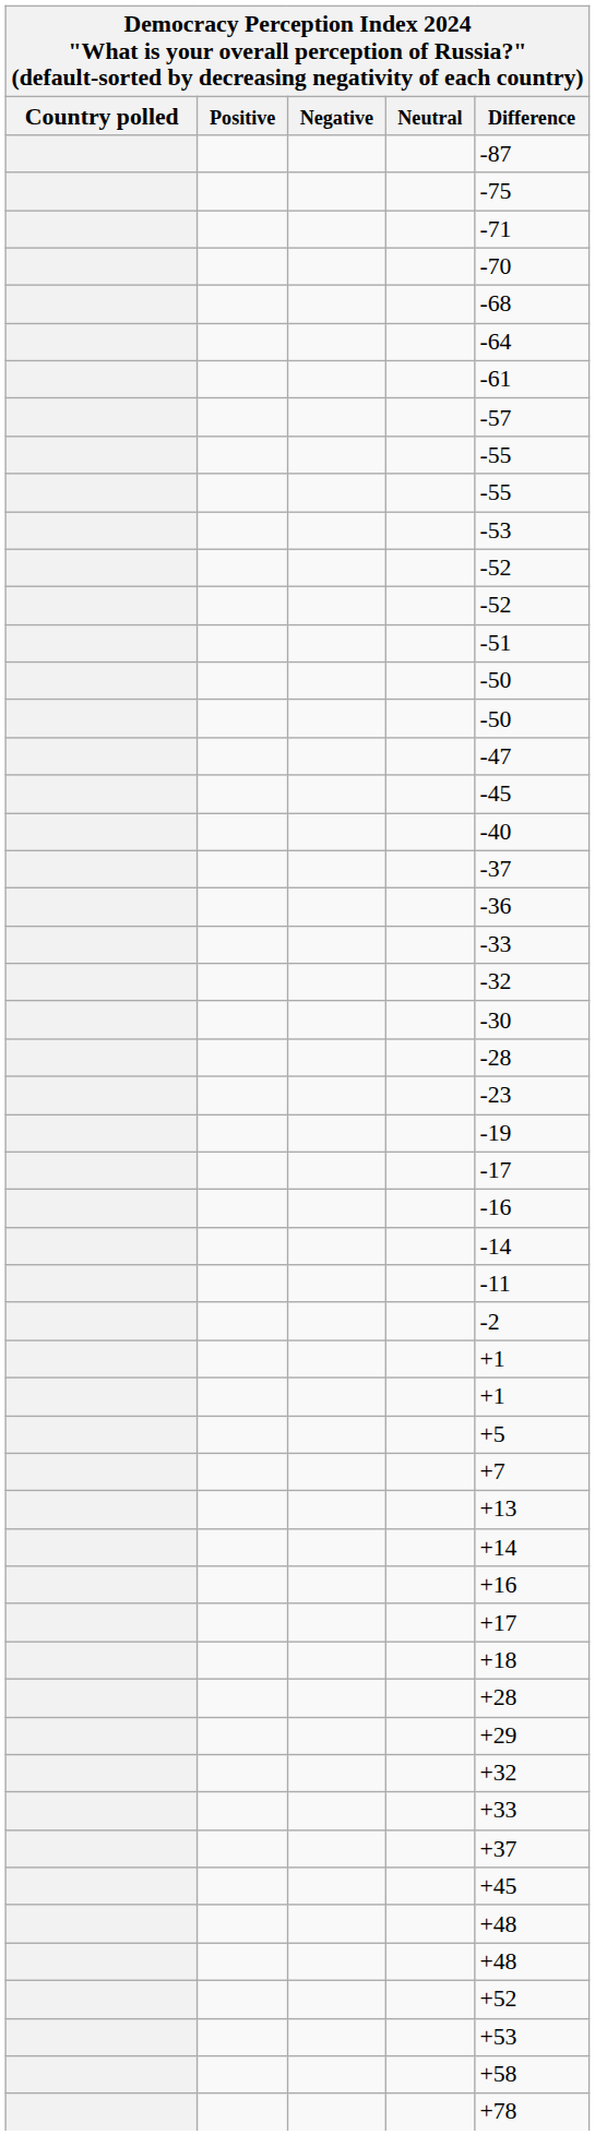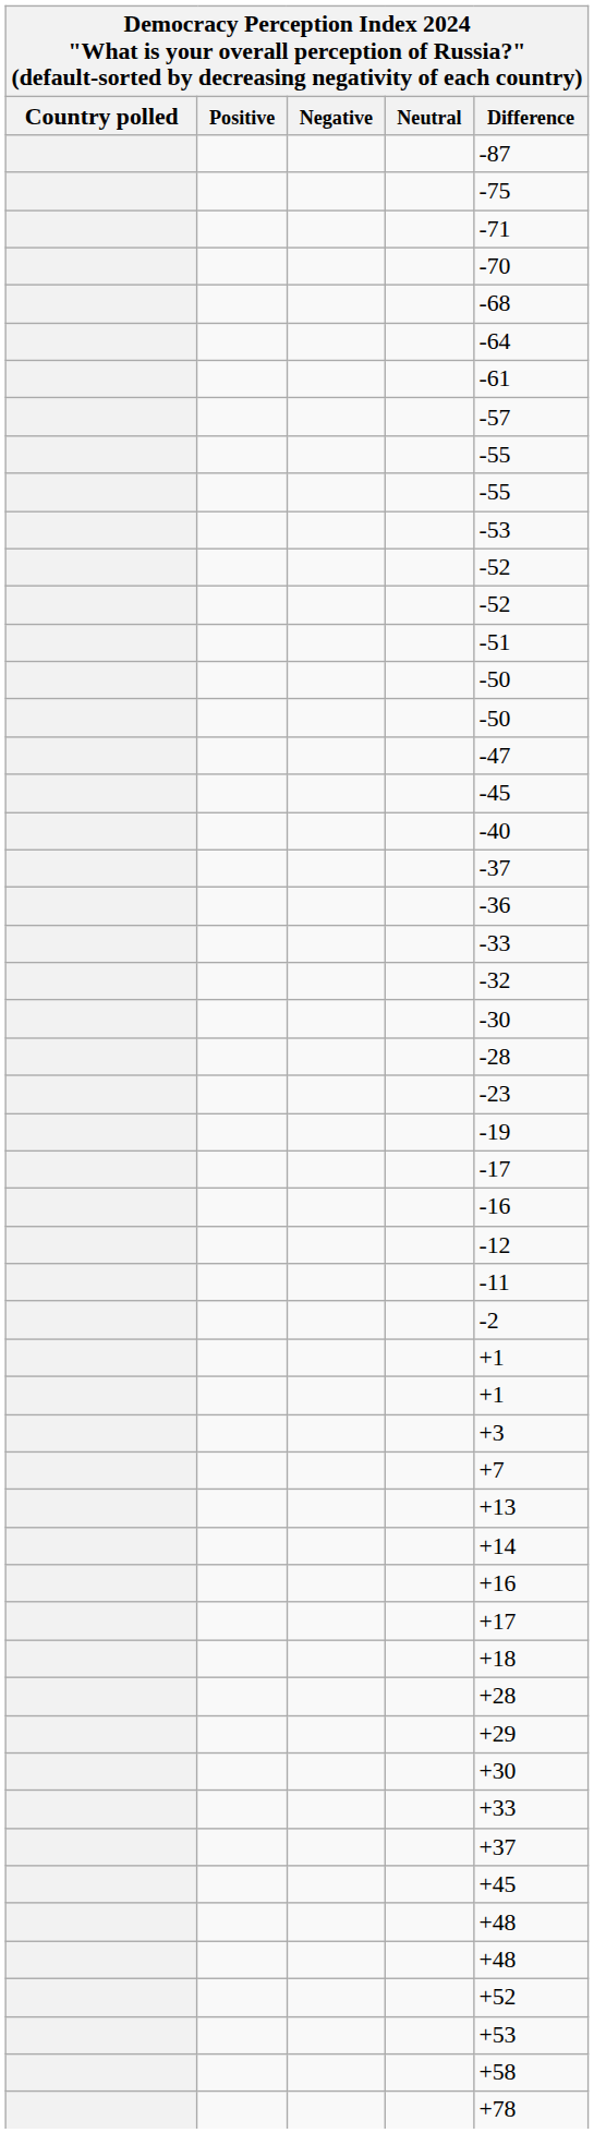 <table class="wikitable sortable floatright plainrowheaders" style="border:1px black; float:right; margin-left:1em;">
 <tr>
 <th + colspan="5">Democracy Perception Index 2024<br>"What is your overall perception of Russia?"<br>(default-sorted by decreasing negativity of each country)</th>
 </tr>
 <tr>
 <th scope="col">Country polled</th>
 <th scope="col"><small>Positive</small></th>
 <th scope="col"><small>Negative</small></th>
 <th scope="col"><small>Neutral</small></th>
 <th scope="col"><small>Difference</small></th>
 </tr>
 <tr>
 <th scope="row"></th>
 <td></td>
 <td></td>
 <td></td>
 <td><span>-87</span></td>
 </tr>
 <tr>
 <th scope="row"></th>
 <td></td>
 <td></td>
 <td></td>
 <td><span>-75</span></td>
 </tr>
 <tr>
 <th scope="row"></th>
 <td></td>
 <td></td>
 <td></td>
 <td><span>-71</span></td>
 </tr>
 <tr>
 <th scope="row"></th>
 <td></td>
 <td></td>
 <td></td>
 <td><span>-70</span></td>
 </tr>
 <tr>
 <th scope="row"></th>
 <td></td>
 <td></td>
 <td></td>
 <td><span>-68</span></td>
 </tr>
 <tr>
 <th scope="row"></th>
 <td></td>
 <td></td>
 <td></td>
 <td><span>-64</span></td>
 </tr>
 <tr>
 <th scope="row"></th>
 <td></td>
 <td></td>
 <td></td>
 <td><span>-61</span></td>
 </tr>
 <tr>
 <th scope="row"></th>
 <td></td>
 <td></td>
 <td></td>
 <td><span>-57</span></td>
 </tr>
 <tr>
 <th scope="row"></th>
 <td></td>
 <td></td>
 <td></td>
 <td><span>-55</span></td>
 </tr>
 <tr>
 <th scope="row"></th>
 <td></td>
 <td></td>
 <td></td>
 <td><span>-55</span></td>
 </tr>
 <tr>
 <th scope="row"></th>
 <td></td>
 <td></td>
 <td></td>
 <td><span>-53</span></td>
 </tr>
 <tr>
 <th scope="row"></th>
 <td></td>
 <td></td>
 <td></td>
 <td><span>-52</span></td>
 </tr>
 <tr>
 <th scope="row"></th>
 <td></td>
 <td></td>
 <td></td>
 <td><span>-52</span></td>
 </tr>
 <tr>
 <th scope="row"></th>
 <td></td>
 <td></td>
 <td></td>
 <td><span>-51</span></td>
 </tr>
 <tr>
 <th scope="row"></th>
 <td></td>
 <td></td>
 <td></td>
 <td><span>-50</span></td>
 </tr>
 <tr>
 <th scope="row"></th>
 <td></td>
 <td></td>
 <td></td>
 <td><span>-50</span></td>
 </tr>
 <tr>
 <th scope="row"></th>
 <td></td>
 <td></td>
 <td></td>
 <td><span>-47</span></td>
 </tr>
 <tr>
 <th scope="row"></th>
 <td></td>
 <td></td>
 <td></td>
 <td><span>-45</span></td>
 </tr>
 <tr>
 <th scope="row"></th>
 <td></td>
 <td></td>
 <td></td>
 <td><span>-40</span></td>
 </tr>
 <tr>
 <th scope="row"></th>
 <td></td>
 <td></td>
 <td></td>
 <td><span>-37</span></td>
 </tr>
 <tr>
 <th scope="row"></th>
 <td></td>
 <td></td>
 <td></td>
 <td><span>-36</span></td>
 </tr>
 <tr>
 <th scope="row"></th>
 <td></td>
 <td></td>
 <td></td>
 <td><span>-33</span></td>
 </tr>
 <tr>
 <th scope="row"></th>
 <td></td>
 <td></td>
 <td></td>
 <td><span>-32</span></td>
 </tr>
 <tr>
 <th scope="row"></th>
 <td></td>
 <td></td>
 <td></td>
 <td><span>-30</span></td>
 </tr>
 <tr>
 <th scope="row"></th>
 <td></td>
 <td></td>
 <td></td>
 <td><span>-28</span></td>
 </tr>
 <tr>
 <th scope="row"></th>
 <td></td>
 <td></td>
 <td></td>
 <td><span>-23</span></td>
 </tr>
 <tr>
 <th scope="row"></th>
 <td></td>
 <td></td>
 <td></td>
 <td><span>-19</span></td>
 </tr>
 <tr>
 <th scope="row"></th>
 <td></td>
 <td></td>
 <td></td>
 <td><span>-17</span></td>
 </tr>
 <tr>
 <th scope="row"></th>
 <td></td>
 <td></td>
 <td></td>
 <td><span>-16</span></td>
 </tr>
 <tr>
 <th scope="row"></th>
 <td></td>
 <td></td>
 <td></td>
-<td><span>-14</span></td>
+<td><span>-12</span></td>
 </tr>
 <tr>
 <th scope="row"></th>
 <td></td>
 <td></td>
 <td></td>
 <td><span>-11</span></td>
 </tr>
 <tr>
 <th scope="row"></th>
 <td></td>
 <td></td>
 <td></td>
 <td><span>-2</span></td>
 </tr>
 <tr>
 <th scope="row"></th>
 <td></td>
 <td></td>
 <td></td>
 <td><span>+1</span></td>
 </tr>
 <tr>
 <th scope="row"></th>
 <td></td>
 <td></td>
 <td></td>
 <td><span>+1</span></td>
 </tr>
 <tr>
 <th scope="row"></th>
 <td></td>
 <td></td>
 <td></td>
-<td><span>+5</span></td>
+<td><span>+3</span></td>
 </tr>
 <tr>
 <th scope="row"></th>
 <td></td>
 <td></td>
 <td></td>
 <td><span>+7</span></td>
 </tr>
 <tr>
 <th scope="row"></th>
 <td></td>
 <td></td>
 <td></td>
 <td><span>+13</span></td>
 </tr>
 <tr>
 <th scope="row"></th>
 <td></td>
 <td></td>
 <td></td>
 <td><span>+14</span></td>
 </tr>
 <tr>
 <th scope="row"></th>
 <td></td>
 <td></td>
 <td></td>
 <td><span>+16</span></td>
 </tr>
 <tr>
 <th scope="row"></th>
 <td></td>
 <td></td>
 <td></td>
 <td><span>+17</span></td>
 </tr>
 <tr>
 <th scope="row"></th>
 <td></td>
 <td></td>
 <td></td>
 <td><span>+18</span></td>
 </tr>
 <tr>
 <th scope="row"></th>
 <td></td>
 <td></td>
 <td></td>
 <td><span>+28</span></td>
 </tr>
 <tr>
 <th scope="row"></th>
 <td></td>
 <td></td>
 <td></td>
 <td><span>+29</span></td>
 </tr>
 <tr>
 <th scope="row"></th>
 <td></td>
 <td></td>
 <td></td>
-<td><span>+32</span></td>
+<td><span>+30</span></td>
 </tr>
 <tr>
 <th scope="row"></th>
 <td></td>
 <td></td>
 <td></td>
 <td><span>+33</span></td>
 </tr>
 <tr>
 <th scope="row"></th>
 <td></td>
 <td></td>
 <td></td>
 <td><span>+37</span></td>
 </tr>
 <tr>
 <th scope="row"></th>
 <td></td>
 <td></td>
 <td></td>
 <td><span>+45</span></td>
 </tr>
 <tr>
 <th scope="row"></th>
 <td></td>
 <td></td>
 <td></td>
 <td><span>+48</span></td>
 </tr>
 <tr>
 <th scope="row"></th>
 <td></td>
 <td></td>
 <td></td>
 <td><span>+48</span></td>
 </tr>
 <tr>
 <th scope="row"></th>
 <td></td>
 <td></td>
 <td></td>
 <td><span>+52</span></td>
 </tr>
 <tr>
 <th scope="row"></th>
 <td></td>
 <td></td>
 <td></td>
 <td><span>+53</span></td>
 </tr>
 <tr>
 <th scope="row"></th>
 <td></td>
 <td></td>
 <td></td>
 <td><span>+58</span></td>
 </tr>
 <tr>
 <th scope="row"></th>
 <td></td>
 <td></td>
 <td></td>
 <td><span>+78</span></td>
 </tr>
 <tr>
 </tr>
 </table>
